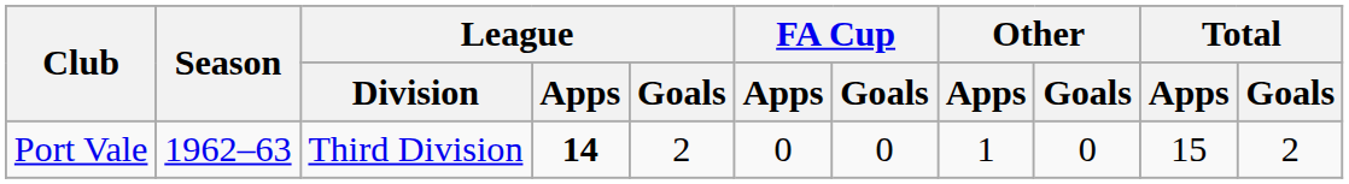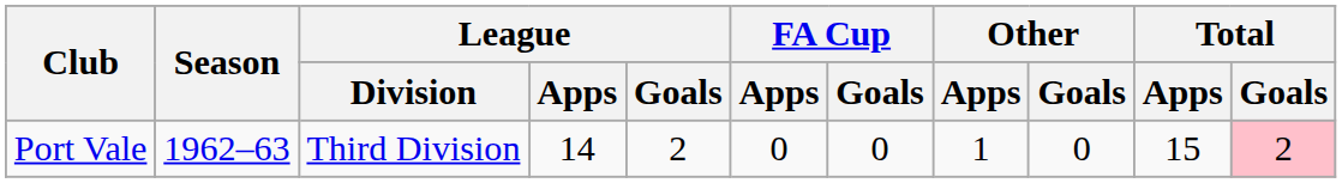 <table class="wikitable" style="text-align:center">
 <tr>
 <th rowspan="2">Club</th>
 <th rowspan="2">Season</th>
 <th colspan="3">League</th>
 <th colspan="2"><a href='#'>FA Cup</a></th>
 <th colspan="2">Other</th>
 <th colspan="2">Total</th>
 </tr>
 <tr>
 <th>Division</th>
 <th>Apps</th>
 <th>Goals</th>
 <th>Apps</th>
 <th>Goals</th>
 <th>Apps</th>
 <th>Goals</th>
 <th>Apps</th>
 <th>Goals</th>
 </tr>
 <tr>
 <td><a href='#'>Port Vale</a></td>
 <td><a href='#'>1962–63</a></td>
 <td><a href='#'>Third Division</a></td>
-<td><strong>14</strong></td>
+<td>14</td>
 <td>2</td>
 <td>0</td>
 <td>0</td>
 <td>1</td>
 <td>0</td>
 <td>15</td>
-<td>2</td>
+<td style="background: pink;">2</td>
 </tr>
 </table>
